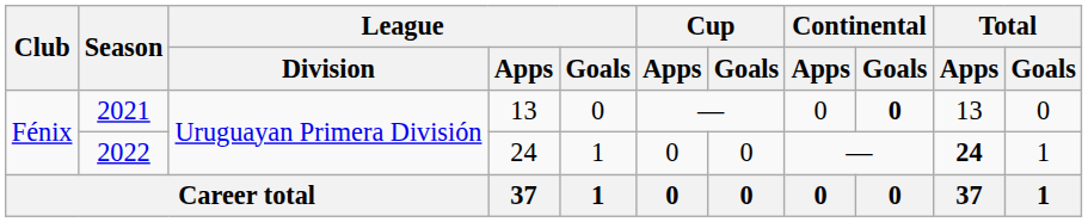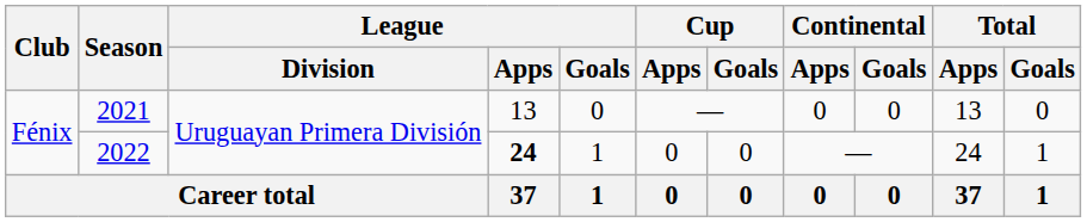 <table class="wikitable" Style="text-align: center">
 <tr>
 <th rowspan="2">Club</th>
 <th rowspan="2">Season</th>
 <th colspan="3">League</th>
 <th colspan="2">Cup</th>
 <th colspan="2">Continental</th>
 <th colspan="2">Total</th>
 </tr>
 <tr>
 <th>Division</th>
 <th>Apps</th>
 <th>Goals</th>
 <th>Apps</th>
 <th>Goals</th>
 <th>Apps</th>
 <th>Goals</th>
 <th>Apps</th>
 <th>Goals</th>
 </tr>
 <tr>
 <td rowspan="2"><a href='#'>Fénix</a></td>
 <td><a href='#'>2021</a></td>
 <td rowspan="2"><a href='#'>Uruguayan Primera División</a></td>
 <td>13</td>
 <td>0</td>
 <td colspan="2">—</td>
 <td>0</td>
-<td><strong>0</strong></td>
+<td>0</td>
 <td>13</td>
 <td>0</td>
 </tr>
 <tr>
 <td><a href='#'>2022</a></td>
-<td>24</td>
+<td><strong>24</strong></td>
 <td>1</td>
 <td>0</td>
 <td>0</td>
 <td colspan="2">—</td>
-<td><strong>24</strong></td>
+<td>24</td>
 <td>1</td>
 </tr>
 <tr>
 <th colspan="3">Career total</th>
 <th>37</th>
 <th>1</th>
 <th>0</th>
 <th>0</th>
 <th>0</th>
 <th>0</th>
 <th>37</th>
 <th>1</th>
 </tr>
 </table>
